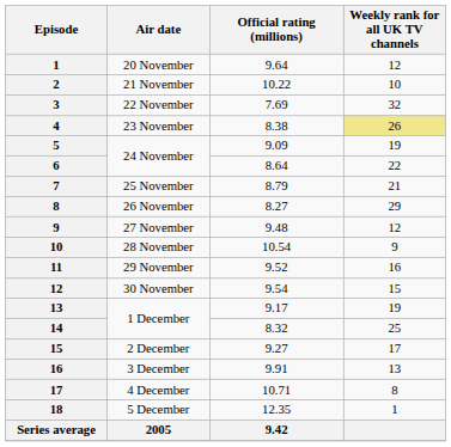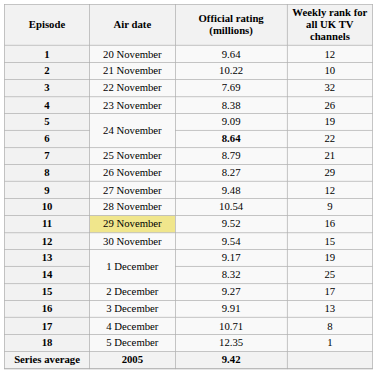 <table class="wikitable" style="text-align:center; margin: 1em auto 1em auto">
 <tr>
 <th scope="col" style="width:120px;">Episode</th>
 <th scope="col" style="width:120px;">Air date</th>
 <th scope="col" style="width:160px;">Official rating <br> (millions)</th>
 <th scope="col" style="width:120px;">Weekly rank for all UK TV channels</th>
 </tr>
 <tr>
 <th>1</th>
 <td>20 November</td>
 <td>9.64</td>
 <td>12</td>
 </tr>
 <tr>
 <th>2</th>
 <td>21 November</td>
 <td>10.22</td>
 <td>10</td>
 </tr>
 <tr>
 <th>3</th>
 <td>22 November</td>
 <td>7.69</td>
 <td>32</td>
 </tr>
 <tr>
 <th>4</th>
 <td>23 November</td>
 <td>8.38</td>
-<td style="background: khaki;">26</td>
+<td>26</td>
 </tr>
 <tr>
 <th>5</th>
 <td rowspan="2">24 November</td>
 <td>9.09</td>
 <td>19</td>
 </tr>
 <tr>
 <th>6</th>
-<td>8.64</td>
+<td><strong>8.64</strong></td>
 <td>22</td>
 </tr>
 <tr>
 <th>7</th>
 <td>25 November</td>
 <td>8.79</td>
 <td>21</td>
 </tr>
 <tr>
 <th>8</th>
 <td>26 November</td>
 <td>8.27</td>
 <td>29</td>
 </tr>
 <tr>
 <th>9</th>
 <td>27 November</td>
 <td>9.48</td>
 <td>12</td>
 </tr>
 <tr>
 <th>10</th>
 <td>28 November</td>
 <td>10.54</td>
 <td>9</td>
 </tr>
 <tr>
 <th>11</th>
-<td>29 November</td>
+<td style="background: khaki;">29 November</td>
 <td>9.52</td>
 <td>16</td>
 </tr>
 <tr>
 <th>12</th>
 <td>30 November</td>
 <td>9.54</td>
 <td>15</td>
 </tr>
 <tr>
 <th>13</th>
 <td rowspan="2">1 December</td>
 <td>9.17</td>
 <td>19</td>
 </tr>
 <tr>
 <th>14</th>
 <td>8.32</td>
 <td>25</td>
 </tr>
 <tr>
 <th>15</th>
 <td>2 December</td>
 <td>9.27</td>
 <td>17</td>
 </tr>
 <tr>
 <th>16</th>
 <td>3 December</td>
 <td>9.91</td>
 <td>13</td>
 </tr>
 <tr>
 <th>17</th>
 <td>4 December</td>
 <td>10.71</td>
 <td>8</td>
 </tr>
 <tr>
 <th>18</th>
 <td>5 December</td>
 <td>12.35</td>
 <td>1</td>
 </tr>
 <tr>
 <th>Series average</th>
 <th>2005</th>
 <th>9.42</th>
 <th></th>
 </tr>
 <tr>
 </tr>
 </table>
